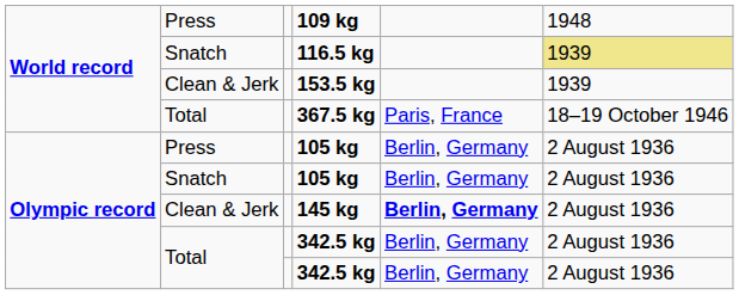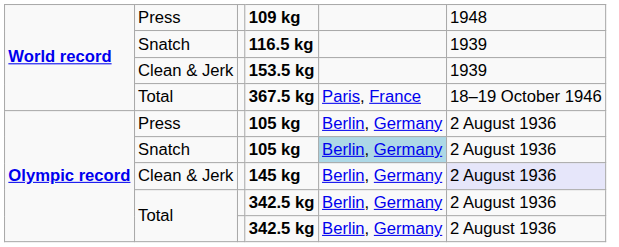 <table class="wikitable">
 <tr>
 <td rowspan=4><strong><a href='#'>World record</a></strong></td>
 <td>Press</td>
 <td></td>
 <td><strong>109 kg</strong></td>
 <td></td>
 <td>1948</td>
 </tr>
 <tr>
 <td>Snatch</td>
 <td></td>
 <td><strong>116.5 kg</strong></td>
 <td></td>
-<td style="background: khaki;">1939</td>
+<td>1939</td>
 </tr>
 <tr>
 <td>Clean & Jerk</td>
 <td></td>
 <td><strong>153.5 kg</strong></td>
 <td></td>
 <td>1939</td>
 </tr>
 <tr>
 <td>Total</td>
 <td></td>
 <td><strong>367.5 kg</strong></td>
 <td><a href='#'>Paris</a>, <a href='#'>France</a></td>
 <td>18–19 October 1946</td>
 </tr>
 <tr>
 <td rowspan=5><strong><a href='#'>Olympic record</a></strong></td>
 <td>Press</td>
 <td></td>
 <td><strong>105 kg</strong></td>
 <td><a href='#'>Berlin</a>, <a href='#'>Germany</a></td>
 <td>2 August 1936</td>
 </tr>
 <tr>
 <td>Snatch</td>
 <td></td>
 <td><strong>105 kg</strong></td>
-<td><a href='#'>Berlin</a>, <a href='#'>Germany</a></td>
+<td style="background: lightblue;"><a href='#'>Berlin</a>, <a href='#'>Germany</a></td>
 <td>2 August 1936</td>
 </tr>
 <tr>
 <td>Clean & Jerk</td>
 <td></td>
 <td><strong>145 kg</strong></td>
-<td><strong><a href='#'>Berlin</a>, <a href='#'>Germany</a></strong></td>
-<td>2 August 1936</td>
+<td><a href='#'>Berlin</a>, <a href='#'>Germany</a></td>
+<td style="background: lavender;">2 August 1936</td>
 </tr>
 <tr>
 <td rowspan=2>Total</td>
 <td></td>
 <td><strong>342.5 kg</strong></td>
 <td><a href='#'>Berlin</a>, <a href='#'>Germany</a></td>
 <td>2 August 1936</td>
 </tr>
 <tr>
 <td></td>
 <td><strong>342.5 kg</strong></td>
 <td><a href='#'>Berlin</a>, <a href='#'>Germany</a></td>
 <td>2 August 1936</td>
 </tr>
 </table>
